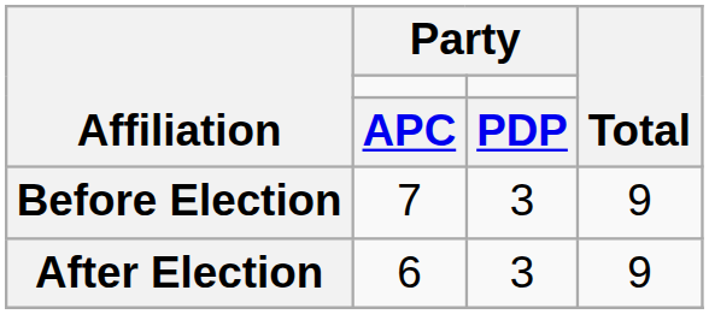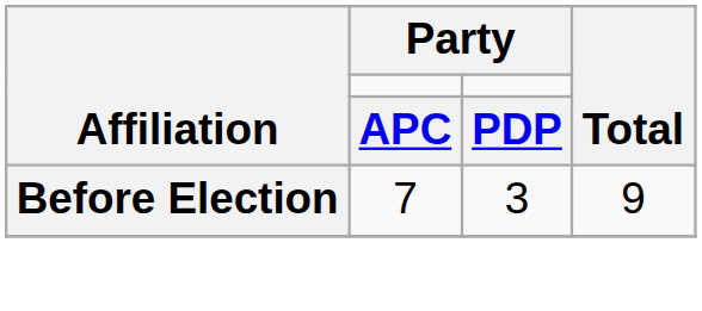 <table class=wikitable style="text-align:center">
 <tr style="vertical-align:bottom;">
 <th rowspan=3>Affiliation</th>
 <th colspan="2">Party</th>
 <th rowspan=3>Total</th>
 </tr>
 <tr>
 <td style="background-color:"></td>
 <td style="background-color:"></td>
 </tr>
 <tr>
 <th><a href='#'>APC</a></th>
 <th><a href='#'>PDP</a></th>
 </tr>
 <tr>
 <th>Before Election</th>
 <td>7</td>
 <td>3</td>
 <td>9</td>
 </tr>
 <tr>
-<th>After Election</th>
-<td>6</td>
-<td>3</td>
-<td>9</td>
-</tr>
-<tr>
 </tr>
 </table>
